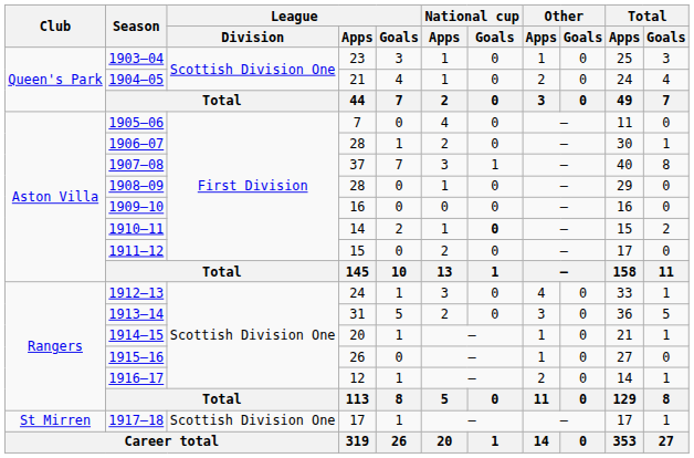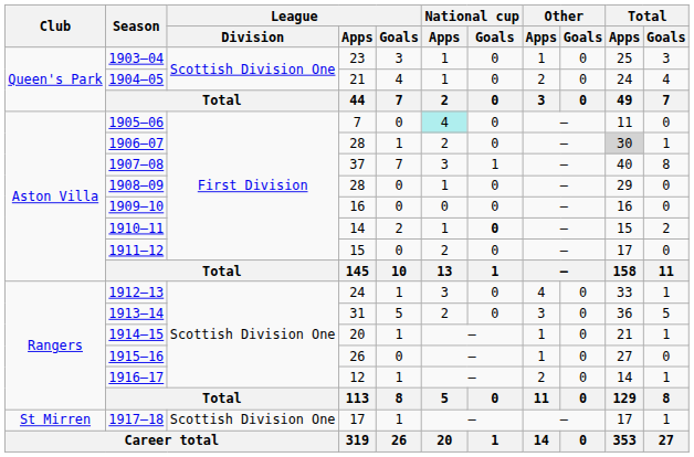 <table class="wikitable" style="text-align: center">
 <tr>
 <th rowspan="2">Club</th>
 <th rowspan="2">Season</th>
 <th colspan="3">League</th>
 <th colspan="2">National cup</th>
 <th colspan="2">Other</th>
 <th colspan="2">Total</th>
 </tr>
 <tr>
 <th>Division</th>
 <th>Apps</th>
 <th>Goals</th>
 <th>Apps</th>
 <th>Goals</th>
 <th>Apps</th>
 <th>Goals</th>
 <th>Apps</th>
 <th>Goals</th>
 </tr>
 <tr>
 <td rowspan="3"><a href='#'>Queen's Park</a></td>
 <td><a href='#'>1903–04</a></td>
 <td rowspan="2"><a href='#'>Scottish Division One</a></td>
 <td>23</td>
 <td>3</td>
 <td>1</td>
 <td>0</td>
 <td>1</td>
 <td>0</td>
 <td>25</td>
 <td>3</td>
 </tr>
 <tr>
 <td><a href='#'>1904–05</a></td>
 <td>21</td>
 <td>4</td>
 <td>1</td>
 <td>0</td>
 <td>2</td>
 <td>0</td>
 <td>24</td>
 <td>4</td>
 </tr>
 <tr>
 <th colspan="2">Total</th>
 <th>44</th>
 <th>7</th>
 <th>2</th>
 <th>0</th>
 <th>3</th>
 <th>0</th>
 <th>49</th>
 <th>7</th>
 </tr>
 <tr>
 <td rowspan="8"><a href='#'>Aston Villa</a></td>
 <td><a href='#'>1905–06</a></td>
 <td rowspan="7"><a href='#'>First Division</a></td>
 <td>7</td>
 <td>0</td>
-<td>4</td>
+<td style="background: paleturquoise;">4</td>
 <td>0</td>
 <td colspan="2">—</td>
 <td>11</td>
 <td>0</td>
 </tr>
 <tr>
 <td><a href='#'>1906–07</a></td>
 <td>28</td>
 <td>1</td>
 <td>2</td>
 <td>0</td>
 <td colspan="2">—</td>
-<td>30</td>
+<td style="background: lightgrey;">30</td>
 <td>1</td>
 </tr>
 <tr>
 <td><a href='#'>1907–08</a></td>
 <td>37</td>
 <td>7</td>
 <td>3</td>
 <td>1</td>
 <td colspan="2">—</td>
 <td>40</td>
 <td>8</td>
 </tr>
 <tr>
 <td><a href='#'>1908–09</a></td>
 <td>28</td>
 <td>0</td>
 <td>1</td>
 <td>0</td>
 <td colspan="2">—</td>
 <td>29</td>
 <td>0</td>
 </tr>
 <tr>
 <td><a href='#'>1909–10</a></td>
 <td>16</td>
 <td>0</td>
 <td>0</td>
 <td>0</td>
 <td colspan="2">—</td>
 <td>16</td>
 <td>0</td>
 </tr>
 <tr>
 <td><a href='#'>1910–11</a></td>
 <td>14</td>
 <td>2</td>
 <td>1</td>
 <td><strong>0</strong></td>
 <td colspan="2">—</td>
 <td>15</td>
 <td>2</td>
 </tr>
 <tr>
 <td><a href='#'>1911–12</a></td>
 <td>15</td>
 <td>0</td>
 <td>2</td>
 <td>0</td>
 <td colspan="2">—</td>
 <td>17</td>
 <td>0</td>
 </tr>
 <tr>
 <th colspan="2">Total</th>
 <th>145</th>
 <th>10</th>
 <th>13</th>
 <th>1</th>
 <th colspan="2">—</th>
 <th>158</th>
 <th>11</th>
 </tr>
 <tr>
 <td rowspan="6"><a href='#'>Rangers</a></td>
 <td><a href='#'>1912–13</a></td>
 <td rowspan="5">Scottish Division One</td>
 <td>24</td>
 <td>1</td>
 <td>3</td>
 <td>0</td>
 <td>4</td>
 <td>0</td>
 <td>33</td>
 <td>1</td>
 </tr>
 <tr>
 <td><a href='#'>1913–14</a></td>
 <td>31</td>
 <td>5</td>
 <td>2</td>
 <td>0</td>
 <td>3</td>
 <td>0</td>
 <td>36</td>
 <td>5</td>
 </tr>
 <tr>
 <td><a href='#'>1914–15</a></td>
 <td>20</td>
 <td>1</td>
 <td colspan="2">—</td>
 <td>1</td>
 <td>0</td>
 <td>21</td>
 <td>1</td>
 </tr>
 <tr>
 <td><a href='#'>1915–16</a></td>
 <td>26</td>
 <td>0</td>
 <td colspan="2">—</td>
 <td>1</td>
 <td>0</td>
 <td>27</td>
 <td>0</td>
 </tr>
 <tr>
 <td><a href='#'>1916–17</a></td>
 <td>12</td>
 <td>1</td>
 <td colspan="2">—</td>
 <td>2</td>
 <td>0</td>
 <td>14</td>
 <td>1</td>
 </tr>
 <tr>
 <th colspan="2">Total</th>
 <th>113</th>
 <th>8</th>
 <th>5</th>
 <th>0</th>
 <th>11</th>
 <th>0</th>
 <th>129</th>
 <th>8</th>
 </tr>
 <tr>
 <td><a href='#'>St Mirren</a></td>
 <td><a href='#'>1917–18</a></td>
 <td>Scottish Division One</td>
 <td>17</td>
 <td>1</td>
 <td colspan="2">—</td>
 <td colspan="2">—</td>
 <td>17</td>
 <td>1</td>
 </tr>
 <tr>
 <th colspan="3">Career total</th>
 <th>319</th>
 <th>26</th>
 <th>20</th>
 <th>1</th>
 <th>14</th>
 <th>0</th>
 <th>353</th>
 <th>27</th>
 </tr>
 </table>
